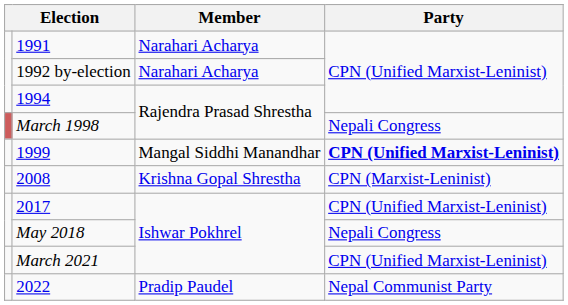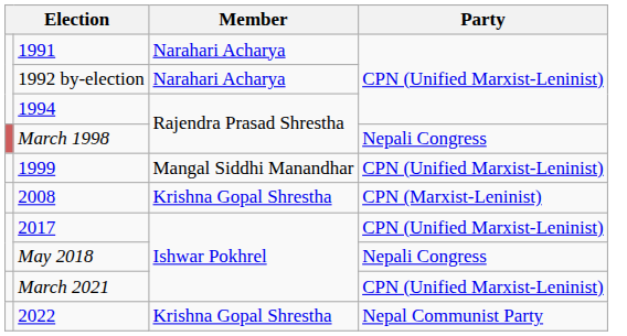 <table class="wikitable">
 <tr>
 <th colspan="2">Election</th>
 <th>Member</th>
 <th>Party</th>
 </tr>
 <tr>
 <td rowspan="3" style="background-color:"></td>
 <td><a href='#'>1991</a></td>
 <td><a href='#'>Narahari Acharya</a></td>
 <td rowspan="3"><a href='#'>CPN (Unified Marxist-Leninist)</a></td>
 </tr>
 <tr>
 <td>1992 by-election</td>
 <td><a href='#'>Narahari Acharya</a></td>
 </tr>
 <tr>
 <td><a href='#'>1994</a></td>
 <td rowspan="2">Rajendra Prasad Shrestha</td>
 </tr>
 <tr>
 <td style="background-color:indianred"></td>
 <td><em>March 1998</em></td>
 <td><a href='#'>Nepali Congress</a></td>
 </tr>
 <tr>
 <td style="background-color:"></td>
 <td><a href='#'>1999</a></td>
 <td>Mangal Siddhi Manandhar</td>
-<td><strong><a href='#'>CPN (Unified Marxist-Leninist)</a></strong></td>
+<td><a href='#'>CPN (Unified Marxist-Leninist)</a></td>
 </tr>
 <tr>
 <td style="background-color:"></td>
 <td><a href='#'>2008</a></td>
 <td><a href='#'>Krishna Gopal Shrestha</a></td>
 <td><a href='#'>CPN (Marxist-Leninist)</a></td>
 </tr>
 <tr>
 <td rowspan="2" style="background-color:"></td>
 <td><a href='#'>2017</a></td>
 <td rowspan="3"><a href='#'>Ishwar Pokhrel</a></td>
 <td><a href='#'>CPN (Unified Marxist-Leninist)</a></td>
 </tr>
 <tr>
 <td><em>May 2018</em></td>
 <td><a href='#'>Nepali Congress</a></td>
 </tr>
 <tr>
 <td style="background-color:"></td>
 <td><em>March 2021</em></td>
 <td><a href='#'>CPN (Unified Marxist-Leninist)</a></td>
 </tr>
 <tr>
 <td style="background-color:"></td>
 <td><a href='#'>2022</a></td>
-<td><a href='#'>Pradip Paudel</a></td>
+<td><a href='#'>Krishna Gopal Shrestha</a></td>
 <td><a href='#'>Nepal Communist Party</a></td>
 </tr>
 </table>
